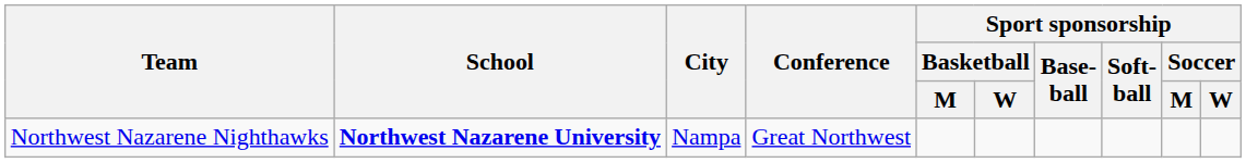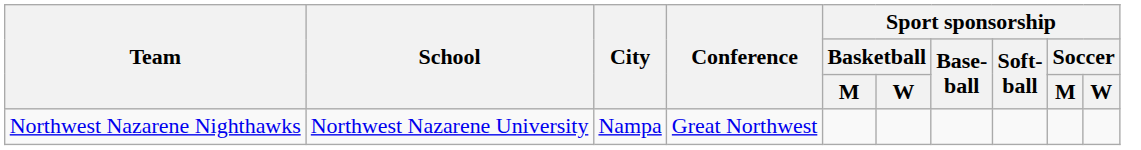 <table class="sortable wikitable">
 <tr>
 <th rowspan=3>Team</th>
 <th rowspan=3>School</th>
 <th rowspan=3>City</th>
 <th rowspan=3>Conference</th>
 <th colspan=6>Sport sponsorship</th>
 </tr>
 <tr>
 <th colspan=2>Basketball</th>
 <th rowspan=2>Base-<br>ball</th>
 <th rowspan=2>Soft-<br>ball</th>
 <th colspan=2>Soccer</th>
 </tr>
 <tr>
 <th>M</th>
 <th>W</th>
 <th>M</th>
 <th>W</th>
 </tr>
 <tr>
 <td><a href='#'>Northwest Nazarene Nighthawks</a></td>
-<td><strong><a href='#'>Northwest Nazarene University</a></strong></td>
+<td><a href='#'>Northwest Nazarene University</a></td>
 <td><a href='#'>Nampa</a></td>
 <td><a href='#'>Great Northwest</a></td>
 <td></td>
 <td></td>
 <td></td>
 <td></td>
 <td></td>
 <td></td>
 </tr>
 </table>
